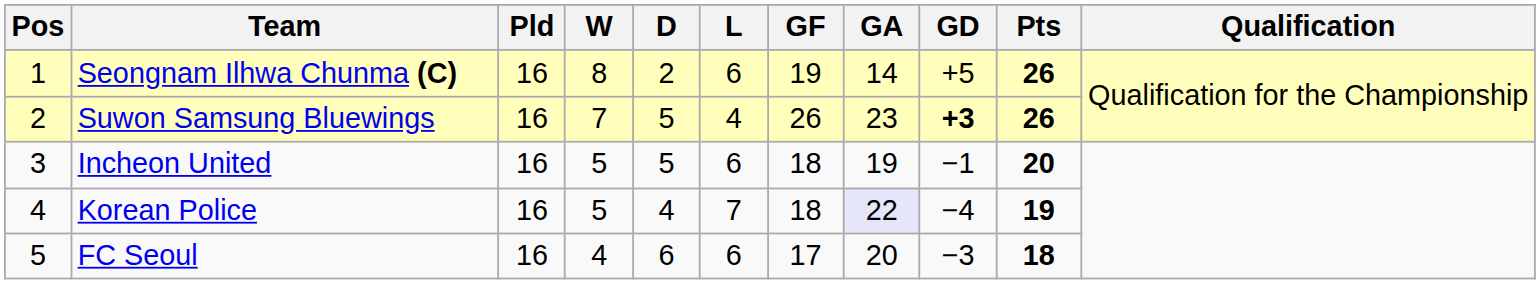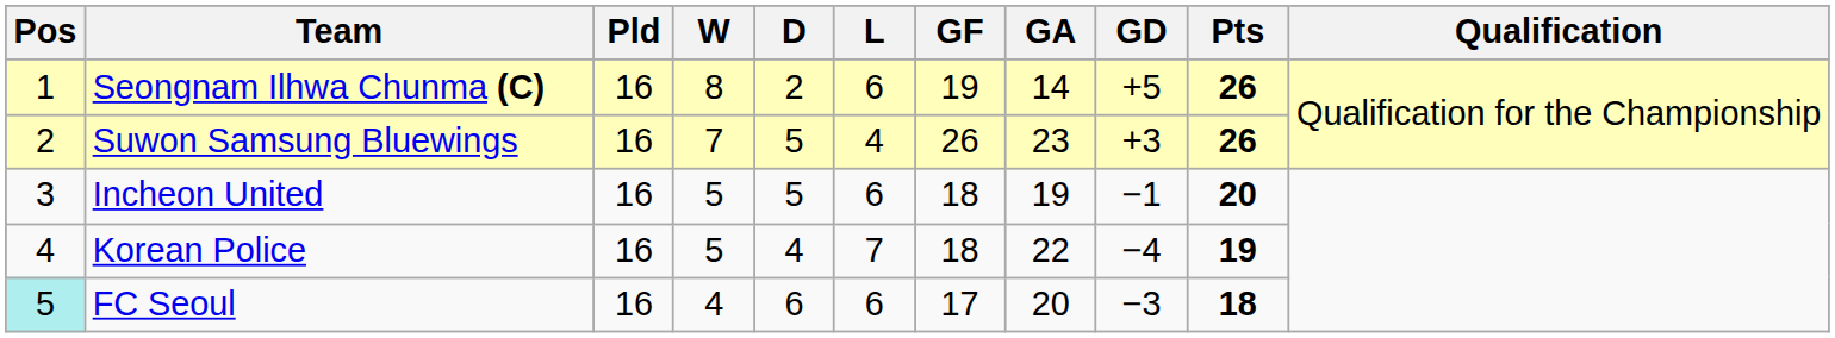 <table class="wikitable" style="text-align:center;">
 <tr>
 <th width=20>Pos</th>
 <th width=230>Team</th>
 <th width=30 abbr="Played">Pld</th>
 <th width=30 abbr="Won">W</th>
 <th width=30 abbr="Draw">D</th>
 <th width=30 abbr="Lost">L</th>
 <th width=35 abbr="Goals for">GF</th>
 <th width=35 abbr="Goals against">GA</th>
 <th width=35 abbr="Goal difference">GD</th>
 <th width=40 abbr="Points">Pts</th>
 <th>Qualification</th>
 </tr>
 <tr bgcolor=#ffffbb>
 <td>1</td>
 <td align="left"><a href='#'>Seongnam Ilhwa Chunma</a> <strong>(C)</strong></td>
 <td>16</td>
 <td>8</td>
 <td>2</td>
 <td>6</td>
 <td>19</td>
 <td>14</td>
 <td>+5</td>
 <td><strong>26</strong></td>
 <td rowspan=2>Qualification for the Championship</td>
 </tr>
 <tr bgcolor=#ffffbb>
 <td>2</td>
 <td align="left"><a href='#'>Suwon Samsung Bluewings</a></td>
 <td>16</td>
 <td>7</td>
 <td>5</td>
 <td>4</td>
 <td>26</td>
 <td>23</td>
-<td><strong>+3</strong></td>
+<td>+3</td>
 <td><strong>26</strong></td>
 </tr>
 <tr>
 <td>3</td>
 <td align="left"><a href='#'>Incheon United</a></td>
 <td>16</td>
 <td>5</td>
 <td>5</td>
 <td>6</td>
 <td>18</td>
 <td>19</td>
 <td>−1</td>
 <td><strong>20</strong></td>
 <td rowspan=3></td>
 </tr>
 <tr>
 <td>4</td>
 <td align="left"><a href='#'>Korean Police</a></td>
 <td>16</td>
 <td>5</td>
 <td>4</td>
 <td>7</td>
 <td>18</td>
-<td style="background: lavender;">22</td>
+<td>22</td>
 <td>−4</td>
 <td><strong>19</strong></td>
 </tr>
 <tr>
-<td>5</td>
+<td style="background: paleturquoise;">5</td>
 <td align="left"><a href='#'>FC Seoul</a></td>
 <td>16</td>
 <td>4</td>
 <td>6</td>
 <td>6</td>
 <td>17</td>
 <td>20</td>
 <td>−3</td>
 <td><strong>18</strong></td>
 </tr>
 </table>
